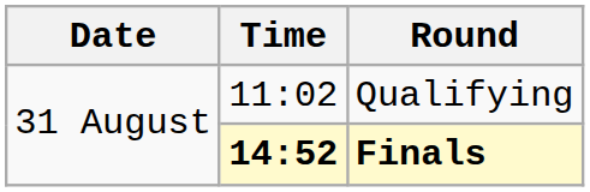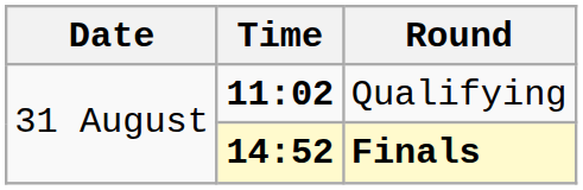 <table class="wikitable">
 <tr>
 <th>Date</th>
 <th>Time</th>
 <th>Round</th>
 </tr>
 <tr>
 <td rowspan=2>31 August</td>
-<td>11:02</td>
+<td><strong>11:02</strong></td>
 <td>Qualifying</td>
 </tr>
 <tr style="background:lemonchiffon">
 <td><strong>14:52</strong></td>
 <td><strong>Finals</strong></td>
 </tr>
 </table>
